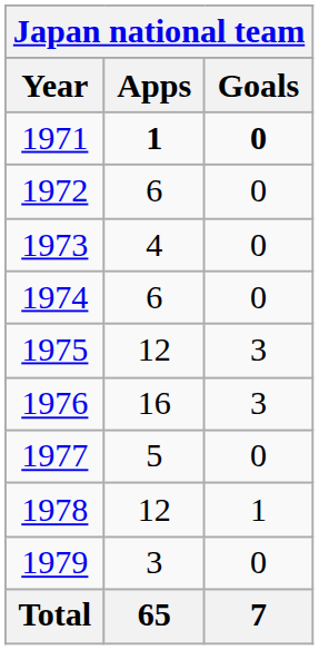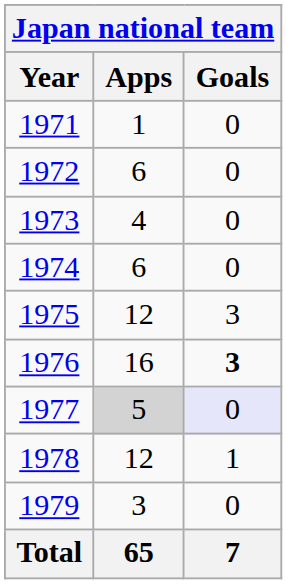 <table class="wikitable" style="text-align:center">
 <tr>
 <th colspan=3><a href='#'>Japan national team</a></th>
 </tr>
 <tr>
 <th>Year</th>
 <th>Apps</th>
 <th>Goals</th>
 </tr>
 <tr>
 <td><a href='#'>1971</a></td>
-<td><strong>1</strong></td>
-<td><strong>0</strong></td>
+<td>1</td>
+<td>0</td>
 </tr>
 <tr>
 <td><a href='#'>1972</a></td>
 <td>6</td>
 <td>0</td>
 </tr>
 <tr>
 <td><a href='#'>1973</a></td>
 <td>4</td>
 <td>0</td>
 </tr>
 <tr>
 <td><a href='#'>1974</a></td>
 <td>6</td>
 <td>0</td>
 </tr>
 <tr>
 <td><a href='#'>1975</a></td>
 <td>12</td>
 <td>3</td>
 </tr>
 <tr>
 <td><a href='#'>1976</a></td>
 <td>16</td>
-<td>3</td>
+<td><strong>3</strong></td>
 </tr>
 <tr>
 <td><a href='#'>1977</a></td>
-<td>5</td>
-<td>0</td>
+<td style="background: lightgrey;">5</td>
+<td style="background: lavender;">0</td>
 </tr>
 <tr>
 <td><a href='#'>1978</a></td>
 <td>12</td>
 <td>1</td>
 </tr>
 <tr>
 <td><a href='#'>1979</a></td>
 <td>3</td>
 <td>0</td>
 </tr>
 <tr>
 <th>Total</th>
 <th>65</th>
 <th>7</th>
 </tr>
 </table>
